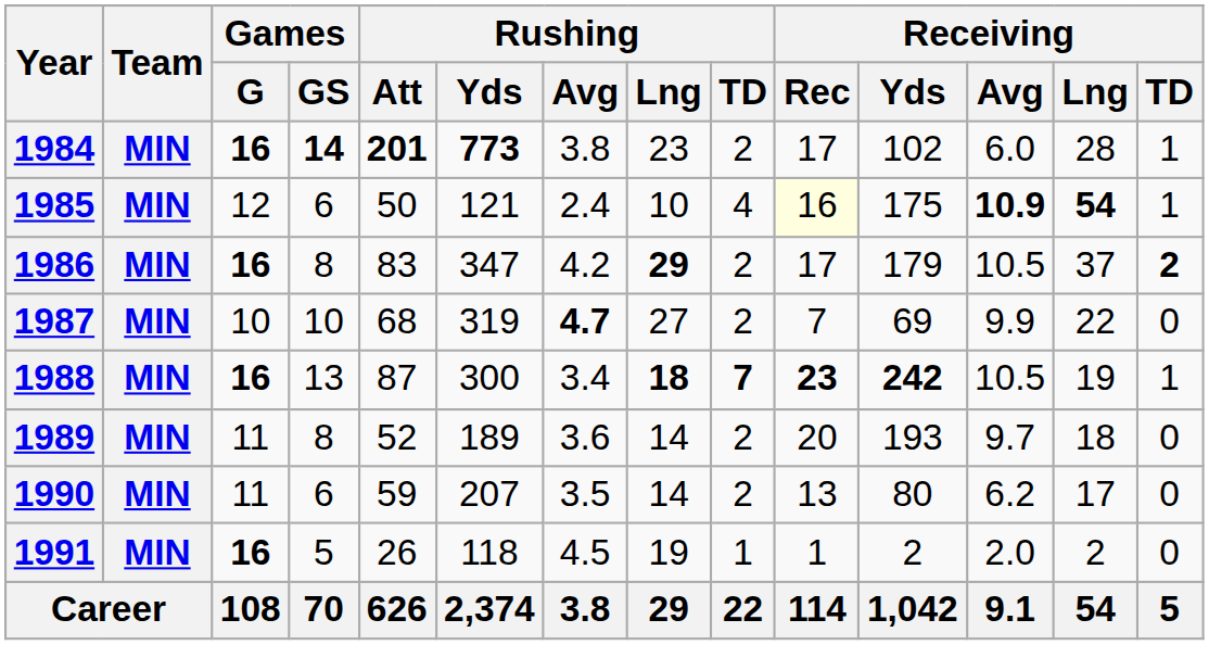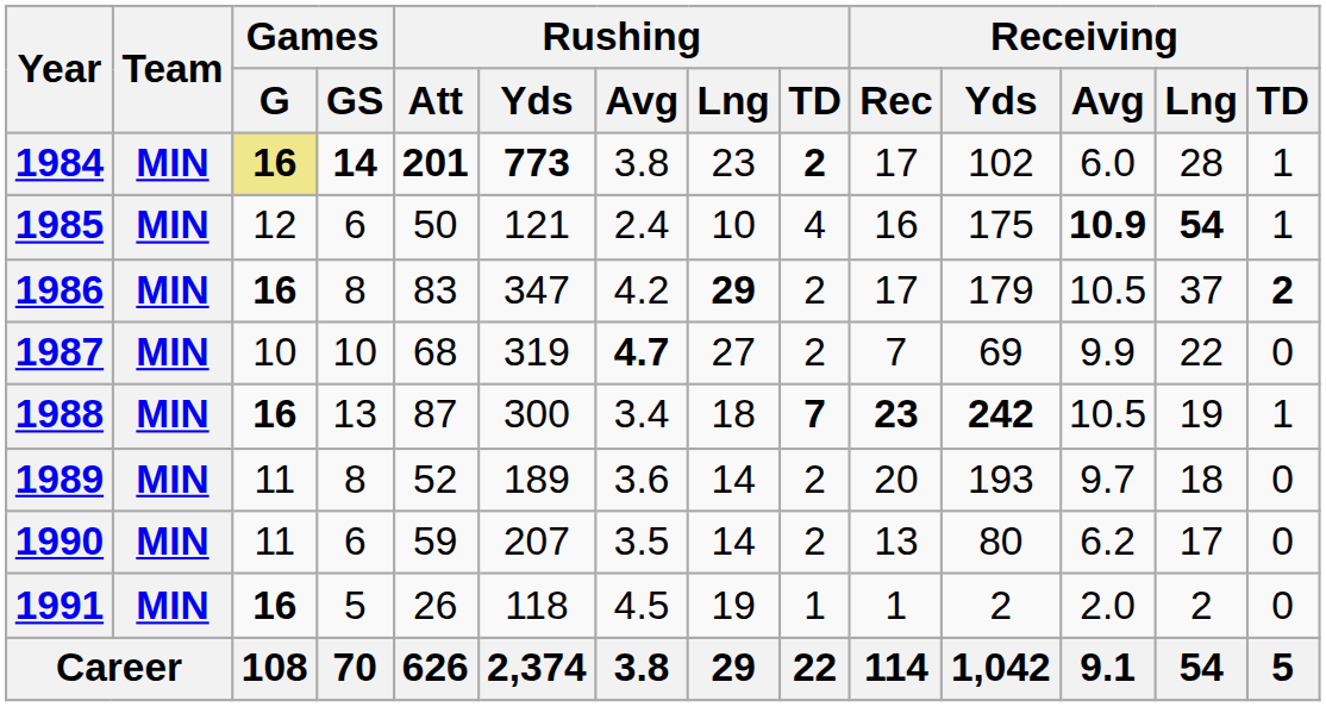 <table class=wikitable style="text-align:center">
 <tr>
 <th rowspan="2">Year</th>
 <th rowspan="2">Team</th>
 <th colspan="2">Games</th>
 <th colspan="5">Rushing</th>
 <th colspan="5">Receiving</th>
 </tr>
 <tr>
 <th>G</th>
 <th>GS</th>
 <th>Att</th>
 <th>Yds</th>
 <th>Avg</th>
 <th>Lng</th>
 <th>TD</th>
 <th>Rec</th>
 <th>Yds</th>
 <th>Avg</th>
 <th>Lng</th>
 <th>TD</th>
 </tr>
 <tr>
 <th><a href='#'>1984</a></th>
 <th><a href='#'>MIN</a></th>
-<td><strong>16</strong></td>
+<td style="background: khaki;"><strong>16</strong></td>
 <td><strong>14</strong></td>
 <td><strong>201</strong></td>
 <td><strong>773</strong></td>
 <td>3.8</td>
 <td>23</td>
-<td>2</td>
+<td><strong>2</strong></td>
 <td>17</td>
 <td>102</td>
 <td>6.0</td>
 <td>28</td>
 <td>1</td>
 </tr>
 <tr>
 <th><a href='#'>1985</a></th>
 <th><a href='#'>MIN</a></th>
 <td>12</td>
 <td>6</td>
 <td>50</td>
 <td>121</td>
 <td>2.4</td>
 <td>10</td>
 <td>4</td>
-<td style="background: lightyellow;">16</td>
+<td>16</td>
 <td>175</td>
 <td><strong>10.9</strong></td>
 <td><strong>54</strong></td>
 <td>1</td>
 </tr>
 <tr>
 <th><a href='#'>1986</a></th>
 <th><a href='#'>MIN</a></th>
 <td><strong>16</strong></td>
 <td>8</td>
 <td>83</td>
 <td>347</td>
 <td>4.2</td>
 <td><strong>29</strong></td>
 <td>2</td>
 <td>17</td>
 <td>179</td>
 <td>10.5</td>
 <td>37</td>
 <td><strong>2</strong></td>
 </tr>
 <tr>
 <th><a href='#'>1987</a></th>
 <th><a href='#'>MIN</a></th>
 <td>10</td>
 <td>10</td>
 <td>68</td>
 <td>319</td>
 <td><strong>4.7</strong></td>
 <td>27</td>
 <td>2</td>
 <td>7</td>
 <td>69</td>
 <td>9.9</td>
 <td>22</td>
 <td>0</td>
 </tr>
 <tr>
 <th><a href='#'>1988</a></th>
 <th><a href='#'>MIN</a></th>
 <td><strong>16</strong></td>
 <td>13</td>
 <td>87</td>
 <td>300</td>
 <td>3.4</td>
-<td><strong>18</strong></td>
+<td>18</td>
 <td><strong>7</strong></td>
 <td><strong>23</strong></td>
 <td><strong>242</strong></td>
 <td>10.5</td>
 <td>19</td>
 <td>1</td>
 </tr>
 <tr>
 <th><a href='#'>1989</a></th>
 <th><a href='#'>MIN</a></th>
 <td>11</td>
 <td>8</td>
 <td>52</td>
 <td>189</td>
 <td>3.6</td>
 <td>14</td>
 <td>2</td>
 <td>20</td>
 <td>193</td>
 <td>9.7</td>
 <td>18</td>
 <td>0</td>
 </tr>
 <tr>
 <th><a href='#'>1990</a></th>
 <th><a href='#'>MIN</a></th>
 <td>11</td>
 <td>6</td>
 <td>59</td>
 <td>207</td>
 <td>3.5</td>
 <td>14</td>
 <td>2</td>
 <td>13</td>
 <td>80</td>
 <td>6.2</td>
 <td>17</td>
 <td>0</td>
 </tr>
 <tr>
 <th><a href='#'>1991</a></th>
 <th><a href='#'>MIN</a></th>
 <td><strong>16</strong></td>
 <td>5</td>
 <td>26</td>
 <td>118</td>
 <td>4.5</td>
 <td>19</td>
 <td>1</td>
 <td>1</td>
 <td>2</td>
 <td>2.0</td>
 <td>2</td>
 <td>0</td>
 </tr>
 <tr>
 <th colspan="2">Career</th>
 <th>108</th>
 <th>70</th>
 <th>626</th>
 <th>2,374</th>
 <th>3.8</th>
 <th>29</th>
 <th>22</th>
 <th>114</th>
 <th>1,042</th>
 <th>9.1</th>
 <th>54</th>
 <th>5</th>
 </tr>
 </table>
